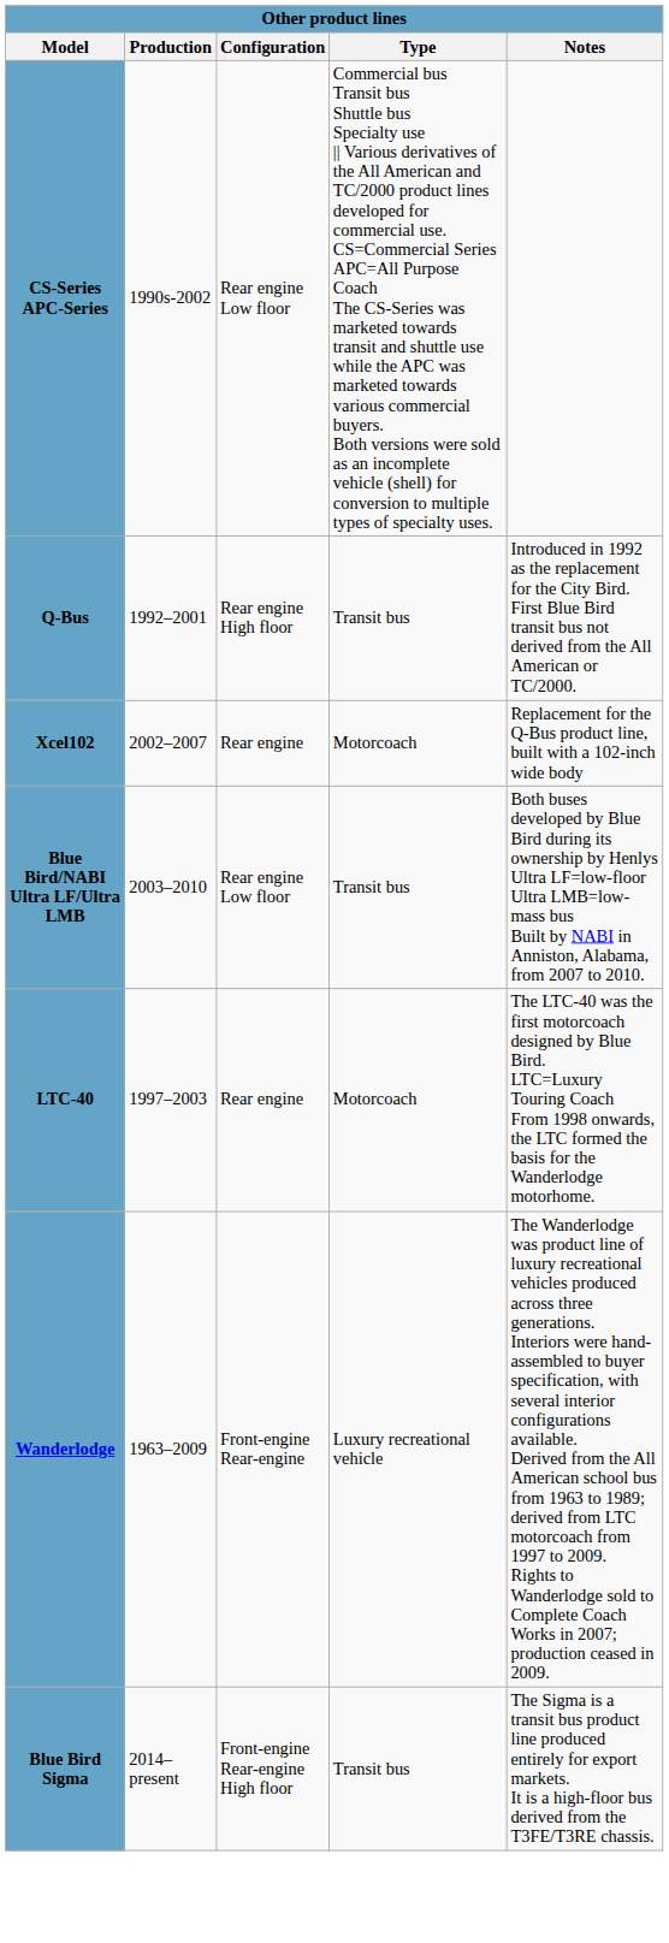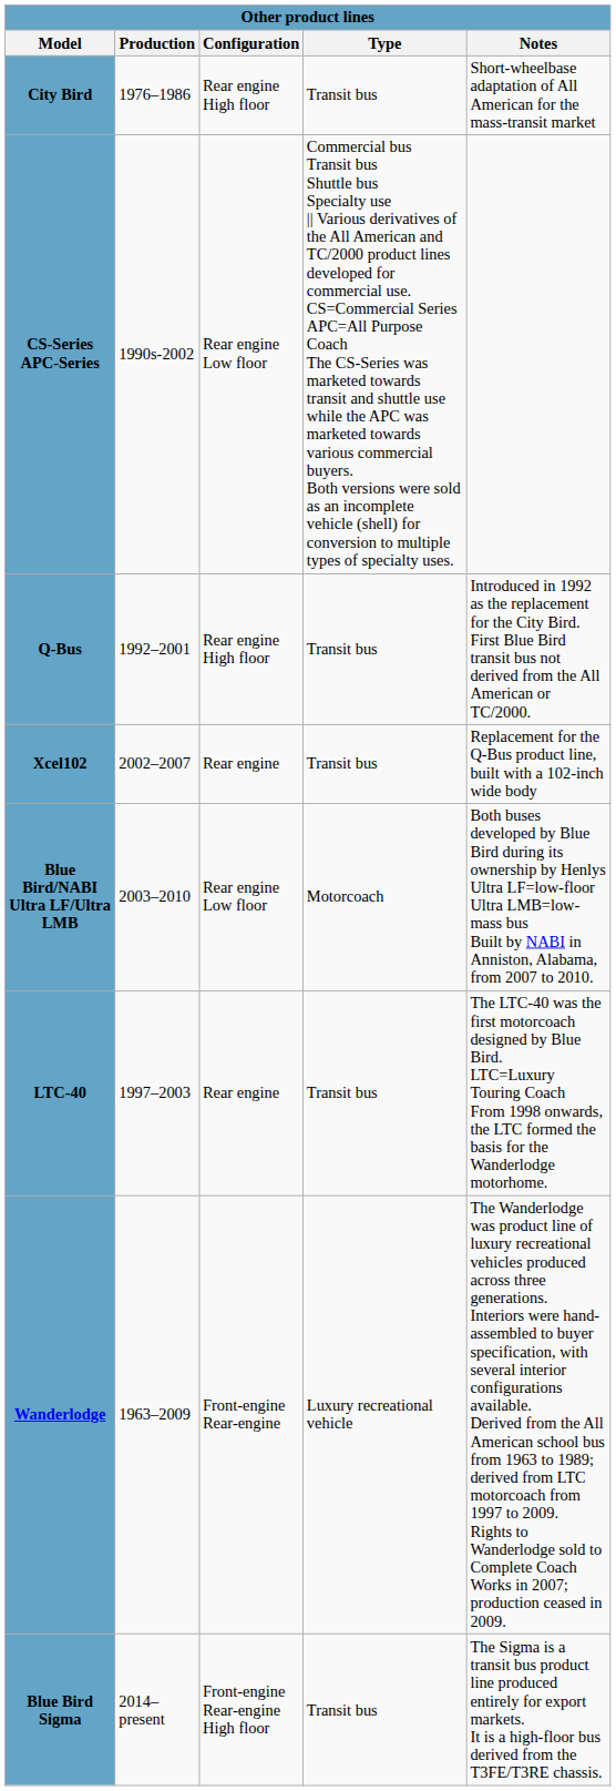 <table class="wikitable ">
 <tr>
 <th colspan="5" style="background:#63A4C7">Other product lines</th>
 </tr>
 <tr>
 <th>Model</th>
 <th>Production</th>
 <th>Configuration</th>
 <th>Type</th>
 <th>Notes</th>
+</tr>
+<tr>
+<th style="background:#63A4C7">City Bird</th>
+<td>1976–1986</td>
+<td>Rear engine<br>High floor</td>
+<td>Transit bus</td>
+<td>Short-wheelbase adaptation of All American for the mass-transit market</td>
 </tr>
 <tr>
 <th style="background:#63A4C7">CS-Series<br>APC-Series<br></th>
 <td>1990s-2002</td>
 <td>Rear engine<br>Low floor</td>
 <td>Commercial bus<br>Transit bus<br>Shuttle bus<br>Specialty use <br>|| Various derivatives of the All American and TC/2000 product lines developed for commercial use. CS=Commercial Series<br>APC=All Purpose Coach<br>The CS-Series was marketed towards transit and shuttle use while the APC was marketed towards various commercial buyers.<br>Both versions were sold as an incomplete vehicle (shell) for conversion to multiple types of specialty uses.</td>
 </tr>
 <tr>
 <th style="background:#63A4C7">Q-Bus</th>
 <td>1992–2001</td>
 <td>Rear engine<br>High floor</td>
 <td>Transit bus</td>
 <td>Introduced in 1992 as the replacement for the City Bird.<br>First Blue Bird transit bus not derived from the All American or TC/2000.</td>
 </tr>
 <tr>
 <th style="background:#63A4C7">Xcel102</th>
 <td>2002–2007</td>
 <td>Rear engine</td>
-<td>Motorcoach</td>
+<td>Transit bus</td>
 <td>Replacement for the Q-Bus product line, built with a 102-inch wide body</td>
 </tr>
 <tr>
 <th style="background:#63A4C7">Blue Bird/NABI Ultra LF/Ultra LMB</th>
 <td>2003–2010</td>
 <td>Rear engine<br>Low floor</td>
-<td>Transit bus</td>
+<td>Motorcoach</td>
 <td>Both buses developed by Blue Bird during its ownership by Henlys<br>Ultra LF=low-floor<br>Ultra LMB=low-mass bus<br>Built by <a href='#'>NABI</a> in Anniston, Alabama, from 2007 to 2010.</td>
 </tr>
 <tr>
 <th style="background:#63A4C7">LTC-40</th>
 <td>1997–2003</td>
 <td>Rear engine</td>
-<td>Motorcoach</td>
+<td>Transit bus</td>
 <td>The LTC-40 was the first motorcoach designed by Blue Bird.<br>LTC=Luxury Touring Coach<br>From 1998 onwards, the LTC formed the basis for the Wanderlodge motorhome.</td>
 </tr>
 <tr>
 <th style="background:#63A4C7"><a href='#'>Wanderlodge</a></th>
 <td>1963–2009</td>
 <td>Front-engine<br>Rear-engine</td>
 <td>Luxury recreational vehicle</td>
 <td>The Wanderlodge was product line of luxury recreational vehicles produced across three generations.<br>Interiors were hand-assembled to buyer specification, with several interior configurations available.<br>Derived from the All American school bus from 1963 to 1989; derived from LTC motorcoach from 1997 to 2009.<br>Rights to Wanderlodge sold to Complete Coach Works in 2007; production ceased in 2009.</td>
 </tr>
 <tr>
 <th style="background:#63A4C7">Blue Bird Sigma </th>
 <td>2014–present</td>
 <td>Front-engine<br>Rear-engine<br>High floor</td>
 <td>Transit bus</td>
 <td>The Sigma is a transit bus product line produced entirely for export markets.<br>It is a high-floor bus derived from the T3FE/T3RE chassis.</td>
 </tr>
 </table>
